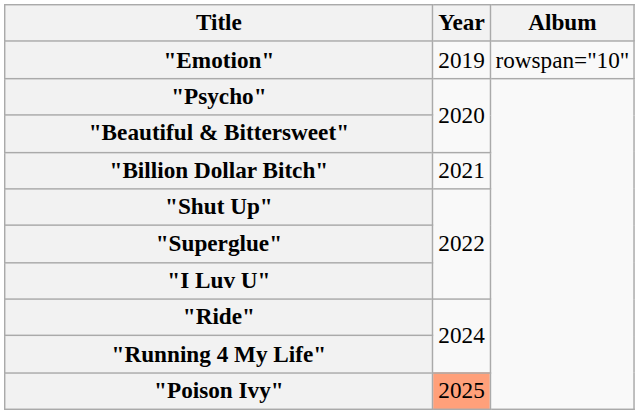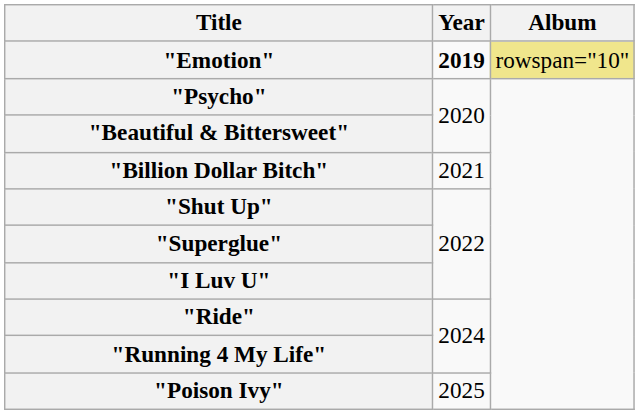 <table class="wikitable plainrowheaders" style="text-align:center;">
 <tr>
 <th scope="col" style="width:18em;">Title</th>
 <th scope="col" style="width:1em;">Year<br></th>
 <th scope="col">Album</th>
 </tr>
 <tr>
 <th scope="row">"Emotion"</th>
-<td>2019</td>
-<td>rowspan="10" </td>
+<td><strong>2019</strong></td>
+<td style="background: khaki;">rowspan="10" </td>
 </tr>
 <tr>
 <th scope="row">"Psycho"</th>
 <td rowspan="2">2020</td>
 </tr>
 <tr>
 <th scope="row">"Beautiful & Bittersweet"</th>
 </tr>
 <tr>
 <th scope="row">"Billion Dollar Bitch" <br></th>
 <td>2021</td>
 </tr>
 <tr>
 <th scope="row">"Shut Up"</th>
 <td rowspan="3">2022</td>
 </tr>
 <tr>
 <th scope="row">"Superglue"</th>
 </tr>
 <tr>
 <th scope="row">"I Luv U"</th>
 </tr>
 <tr>
 <th scope="row">"Ride"</th>
 <td rowspan="2">2024</td>
 </tr>
 <tr>
 <th scope="row">"Running 4 My Life"</th>
 </tr>
 <tr>
 <th scope="row">"Poison Ivy"</th>
-<td style="background: lightsalmon;">2025</td>
+<td>2025</td>
 </tr>
 </table>
